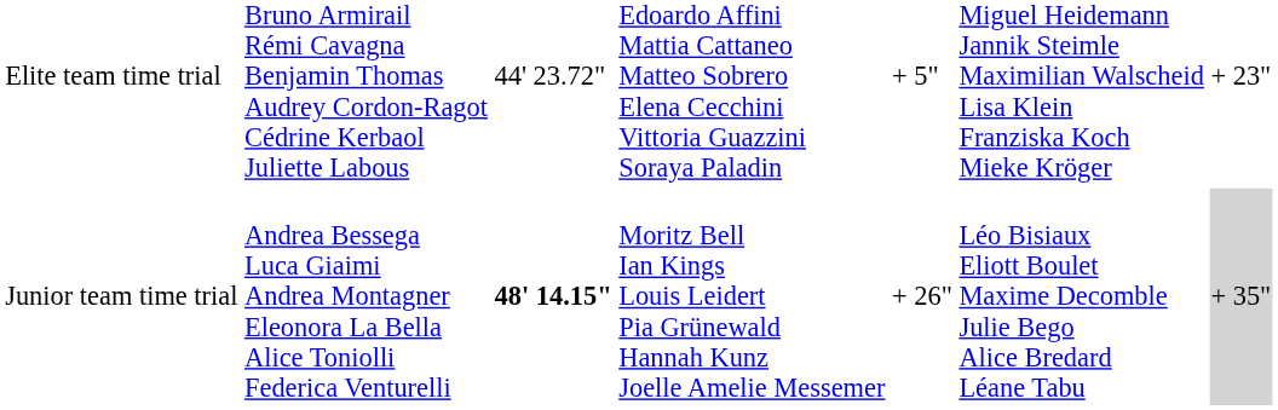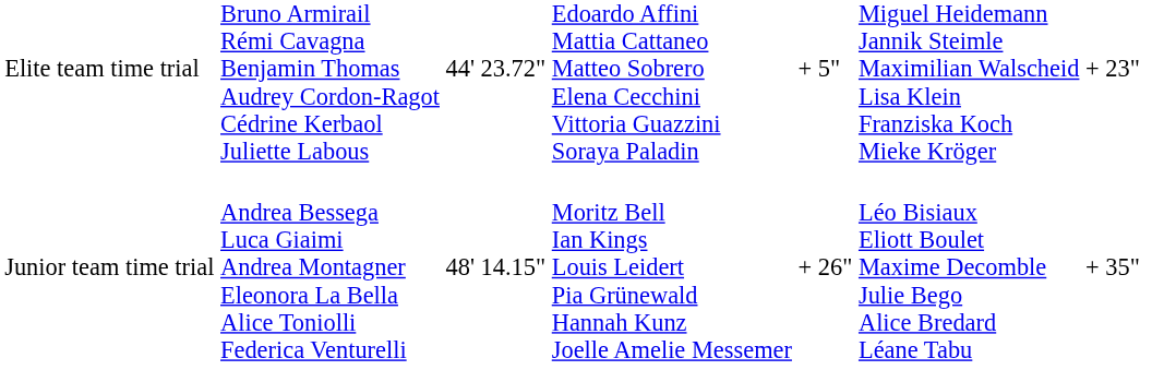 <table>
 <tr>
 <td>Elite team time trial</td>
 <td><br><a href='#'>Bruno Armirail</a><br><a href='#'>Rémi Cavagna</a><br><a href='#'>Benjamin Thomas</a><br><a href='#'>Audrey Cordon-Ragot</a><br><a href='#'>Cédrine Kerbaol</a><br><a href='#'>Juliette Labous</a></td>
 <td>44' 23.72"</td>
 <td><br><a href='#'>Edoardo Affini</a><br><a href='#'>Mattia Cattaneo</a><br><a href='#'>Matteo Sobrero</a><br><a href='#'>Elena Cecchini</a><br><a href='#'>Vittoria Guazzini</a><br><a href='#'>Soraya Paladin</a></td>
 <td>+ 5"</td>
 <td><br><a href='#'>Miguel Heidemann</a><br><a href='#'>Jannik Steimle</a><br><a href='#'>Maximilian Walscheid</a><br><a href='#'>Lisa Klein</a><br><a href='#'>Franziska Koch</a><br><a href='#'>Mieke Kröger</a></td>
 <td>+ 23"</td>
 </tr>
 <tr>
 <td>Junior team time trial</td>
 <td><br><a href='#'>Andrea Bessega</a><br><a href='#'>Luca Giaimi</a><br><a href='#'>Andrea Montagner</a><br><a href='#'>Eleonora La Bella</a><br><a href='#'>Alice Toniolli</a><br><a href='#'>Federica Venturelli</a></td>
-<td><strong>48' 14.15"</strong></td>
+<td>48' 14.15"</td>
 <td><br><a href='#'>Moritz Bell</a><br><a href='#'>Ian Kings</a><br><a href='#'>Louis Leidert</a><br><a href='#'>Pia Grünewald</a><br><a href='#'>Hannah Kunz</a><br><a href='#'>Joelle Amelie Messemer</a></td>
 <td>+ 26"</td>
 <td><br><a href='#'>Léo Bisiaux</a><br><a href='#'>Eliott Boulet</a><br><a href='#'>Maxime Decomble</a><br><a href='#'>Julie Bego</a><br><a href='#'>Alice Bredard</a><br><a href='#'>Léane Tabu</a></td>
-<td style="background: lightgrey;">+ 35"</td>
+<td>+ 35"</td>
 </tr>
 </table>
